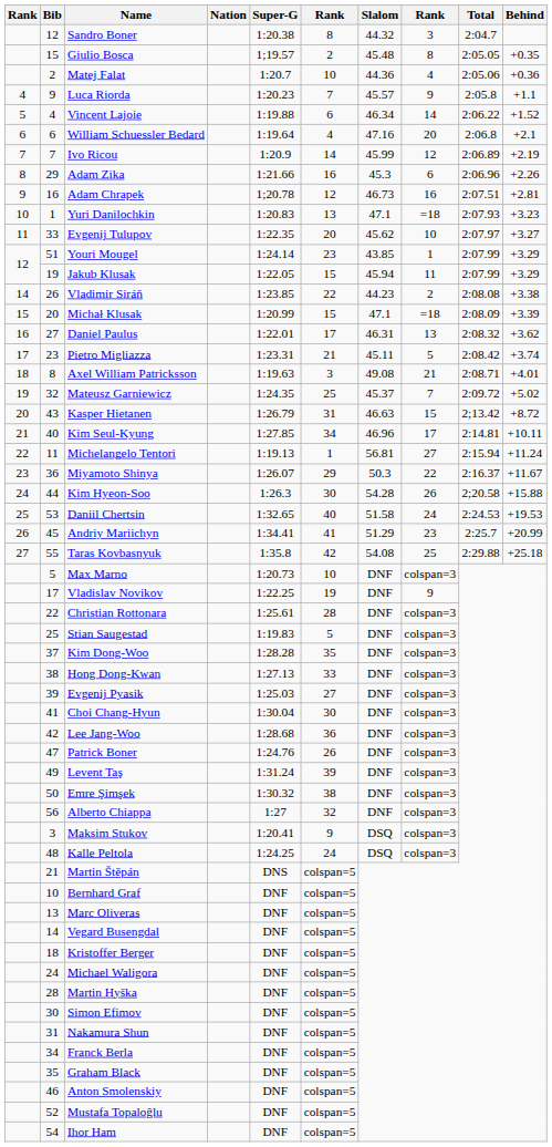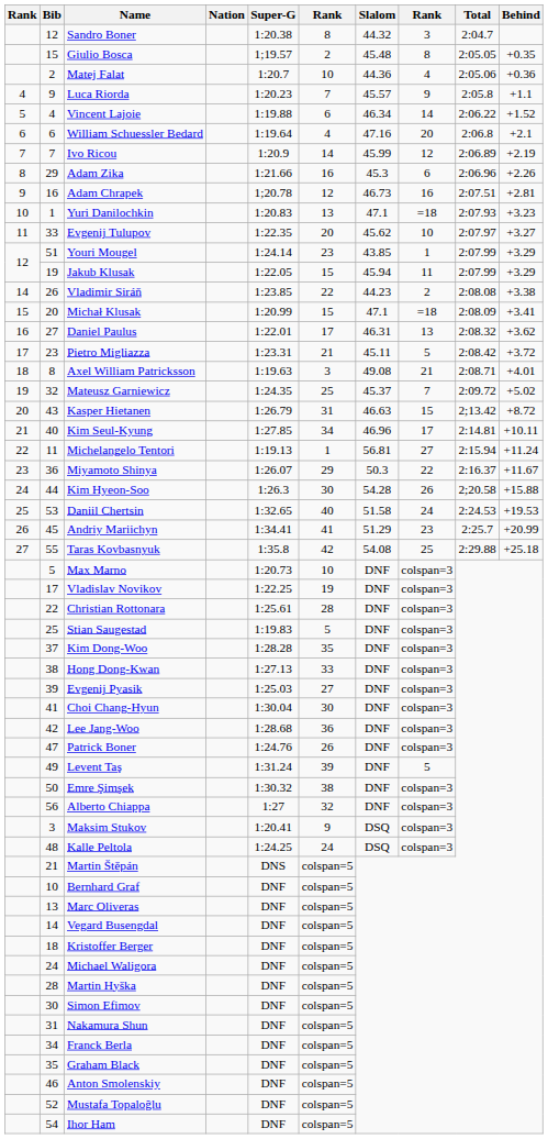 <table class="wikitable sortable" style="text-align:center">
 <tr>
 <th>Rank</th>
 <th>Bib</th>
 <th>Name</th>
 <th>Nation</th>
 <th>Super-G</th>
 <th>Rank</th>
 <th>Slalom</th>
 <th>Rank</th>
 <th>Total</th>
 <th>Behind</th>
 </tr>
 <tr>
 <td></td>
 <td>12</td>
 <td align=left><a href='#'>Sandro Boner</a></td>
 <td align=left></td>
 <td>1:20.38</td>
 <td>8</td>
 <td>44.32</td>
 <td>3</td>
 <td>2:04.7</td>
 <td></td>
 </tr>
 <tr>
 <td></td>
 <td>15</td>
 <td align=left><a href='#'>Giulio Bosca</a></td>
 <td align=left></td>
 <td>1;19.57</td>
 <td>2</td>
 <td>45.48</td>
 <td>8</td>
 <td>2:05.05</td>
 <td>+0.35</td>
 </tr>
 <tr>
 <td></td>
 <td>2</td>
 <td align=left><a href='#'>Matej Falat</a></td>
 <td align=left></td>
 <td>1:20.7</td>
 <td>10</td>
 <td>44.36</td>
 <td>4</td>
 <td>2:05.06</td>
 <td>+0.36</td>
 </tr>
 <tr>
 <td>4</td>
 <td>9</td>
 <td align=left><a href='#'>Luca Riorda</a></td>
 <td align=left></td>
 <td>1:20.23</td>
 <td>7</td>
 <td>45.57</td>
 <td>9</td>
 <td>2:05.8</td>
 <td>+1.1</td>
 </tr>
 <tr>
 <td>5</td>
 <td>4</td>
 <td align=left><a href='#'>Vincent Lajoie</a></td>
 <td align=left></td>
 <td>1:19.88</td>
 <td>6</td>
 <td>46.34</td>
 <td>14</td>
 <td>2:06.22</td>
 <td>+1.52</td>
 </tr>
 <tr>
 <td>6</td>
 <td>6</td>
 <td align=left><a href='#'>William Schuessler Bedard</a></td>
 <td align=left></td>
 <td>1:19.64</td>
 <td>4</td>
 <td>47.16</td>
 <td>20</td>
 <td>2:06.8</td>
 <td>+2.1</td>
 </tr>
 <tr>
 <td>7</td>
 <td>7</td>
 <td align=left><a href='#'>Ivo Ricou</a></td>
 <td align=left></td>
 <td>1:20.9</td>
 <td>14</td>
 <td>45.99</td>
 <td>12</td>
 <td>2:06.89</td>
 <td>+2.19</td>
 </tr>
 <tr>
 <td>8</td>
 <td>29</td>
 <td align=left><a href='#'>Adam Zika</a></td>
 <td align=left></td>
 <td>1:21.66</td>
 <td>16</td>
 <td>45.3</td>
 <td>6</td>
 <td>2:06.96</td>
 <td>+2.26</td>
 </tr>
 <tr>
 <td>9</td>
 <td>16</td>
 <td align=left><a href='#'>Adam Chrapek</a></td>
 <td align=left></td>
 <td>1;20.78</td>
 <td>12</td>
 <td>46.73</td>
 <td>16</td>
 <td>2:07.51</td>
 <td>+2.81</td>
 </tr>
 <tr>
 <td>10</td>
 <td>1</td>
 <td align=left><a href='#'>Yuri Danilochkin</a></td>
 <td align=left></td>
 <td>1:20.83</td>
 <td>13</td>
 <td>47.1</td>
 <td>=18</td>
 <td>2:07.93</td>
 <td>+3.23</td>
 </tr>
 <tr>
 <td>11</td>
 <td>33</td>
 <td align=left><a href='#'>Evgenij Tulupov</a></td>
 <td align=left></td>
 <td>1:22.35</td>
 <td>20</td>
 <td>45.62</td>
 <td>10</td>
 <td>2:07.97</td>
 <td>+3.27</td>
 </tr>
 <tr>
 <td rowspan=2>12</td>
 <td>51</td>
 <td align=left><a href='#'>Youri Mougel</a></td>
 <td align=left></td>
 <td>1:24.14</td>
 <td>23</td>
 <td>43.85</td>
 <td>1</td>
 <td>2:07.99</td>
 <td>+3.29</td>
 </tr>
 <tr>
 <td>19</td>
 <td align=left><a href='#'>Jakub Klusak</a></td>
 <td align=left></td>
 <td>1:22.05</td>
 <td>15</td>
 <td>45.94</td>
 <td>11</td>
 <td>2:07.99</td>
 <td>+3.29</td>
 </tr>
 <tr>
 <td>14</td>
 <td>26</td>
 <td align=left><a href='#'>Vladimir Siráň</a></td>
 <td align=left></td>
 <td>1:23.85</td>
 <td>22</td>
 <td>44.23</td>
 <td>2</td>
 <td>2:08.08</td>
 <td>+3.38</td>
 </tr>
 <tr>
 <td>15</td>
 <td>20</td>
 <td align=left><a href='#'>Michał Klusak</a></td>
 <td align=left></td>
 <td>1:20.99</td>
 <td>15</td>
 <td>47.1</td>
 <td>=18</td>
 <td>2:08.09</td>
-<td>+3.39</td>
+<td>+3.41</td>
 </tr>
 <tr>
 <td>16</td>
 <td>27</td>
 <td align=left><a href='#'>Daniel Paulus</a></td>
 <td align=left></td>
 <td>1:22.01</td>
 <td>17</td>
 <td>46.31</td>
 <td>13</td>
 <td>2:08.32</td>
 <td>+3.62</td>
 </tr>
 <tr>
 <td>17</td>
 <td>23</td>
 <td align=left><a href='#'>Pietro Migliazza</a></td>
 <td align=left></td>
 <td>1:23.31</td>
 <td>21</td>
 <td>45.11</td>
 <td>5</td>
 <td>2:08.42</td>
-<td>+3.74</td>
+<td>+3.72</td>
 </tr>
 <tr>
 <td>18</td>
 <td>8</td>
 <td align=left><a href='#'>Axel William Patricksson</a></td>
 <td align=left></td>
 <td>1:19.63</td>
 <td>3</td>
 <td>49.08</td>
 <td>21</td>
 <td>2:08.71</td>
 <td>+4.01</td>
 </tr>
 <tr>
 <td>19</td>
 <td>32</td>
 <td align=left><a href='#'>Mateusz Garniewicz</a></td>
 <td align=left></td>
 <td>1:24.35</td>
 <td>25</td>
 <td>45.37</td>
 <td>7</td>
 <td>2:09.72</td>
 <td>+5.02</td>
 </tr>
 <tr>
 <td>20</td>
 <td>43</td>
 <td align=left><a href='#'>Kasper Hietanen</a></td>
 <td align=left></td>
 <td>1:26.79</td>
 <td>31</td>
 <td>46.63</td>
 <td>15</td>
 <td>2;13.42</td>
 <td>+8.72</td>
 </tr>
 <tr>
 <td>21</td>
 <td>40</td>
 <td align=left><a href='#'>Kim Seul-Kyung</a></td>
 <td align=left></td>
 <td>1:27.85</td>
 <td>34</td>
 <td>46.96</td>
 <td>17</td>
 <td>2:14.81</td>
 <td>+10.11</td>
 </tr>
 <tr>
 <td>22</td>
 <td>11</td>
 <td align=left><a href='#'>Michelangelo Tentori</a></td>
 <td align=left></td>
 <td>1:19.13</td>
 <td>1</td>
 <td>56.81</td>
 <td>27</td>
 <td>2:15.94</td>
 <td>+11.24</td>
 </tr>
 <tr>
 <td>23</td>
 <td>36</td>
 <td align=left><a href='#'>Miyamoto Shinya</a></td>
 <td align=left></td>
 <td>1:26.07</td>
 <td>29</td>
 <td>50.3</td>
 <td>22</td>
 <td>2:16.37</td>
 <td>+11.67</td>
 </tr>
 <tr>
 <td>24</td>
 <td>44</td>
 <td align=left><a href='#'>Kim Hyeon-Soo</a></td>
 <td align=left></td>
 <td>1:26.3</td>
 <td>30</td>
 <td>54.28</td>
 <td>26</td>
 <td>2;20.58</td>
 <td>+15.88</td>
 </tr>
 <tr>
 <td>25</td>
 <td>53</td>
 <td align=left><a href='#'>Daniil Chertsin</a></td>
 <td align=left></td>
 <td>1:32.65</td>
 <td>40</td>
 <td>51.58</td>
 <td>24</td>
 <td>2:24.53</td>
 <td>+19.53</td>
 </tr>
 <tr>
 <td>26</td>
 <td>45</td>
 <td align=left><a href='#'>Andriy Mariichyn</a></td>
 <td align=left></td>
 <td>1:34.41</td>
 <td>41</td>
 <td>51.29</td>
 <td>23</td>
 <td>2:25.7</td>
 <td>+20.99</td>
 </tr>
 <tr>
 <td>27</td>
 <td>55</td>
 <td align=left><a href='#'>Taras Kovbasnyuk</a></td>
 <td align=left></td>
 <td>1:35.8</td>
 <td>42</td>
 <td>54.08</td>
 <td>25</td>
 <td>2:29.88</td>
 <td>+25.18</td>
 </tr>
 <tr>
 <td></td>
 <td>5</td>
 <td align=left><a href='#'>Max Marno</a></td>
 <td align=left></td>
 <td>1:20.73</td>
 <td>10</td>
 <td>DNF</td>
 <td>colspan=3 </td>
 </tr>
 <tr>
 <td></td>
 <td>17</td>
 <td align=left><a href='#'>Vladislav Novikov</a></td>
 <td align=left></td>
 <td>1:22.25</td>
 <td>19</td>
 <td>DNF</td>
-<td>9</td>
+<td>colspan=3 </td>
 </tr>
 <tr>
 <td></td>
 <td>22</td>
 <td align=left><a href='#'>Christian Rottonara</a></td>
 <td align=left></td>
 <td>1:25.61</td>
 <td>28</td>
 <td>DNF</td>
 <td>colspan=3 </td>
 </tr>
 <tr>
 <td></td>
 <td>25</td>
 <td align=left><a href='#'>Stian Saugestad</a></td>
 <td align=left></td>
 <td>1:19.83</td>
 <td>5</td>
 <td>DNF</td>
 <td>colspan=3 </td>
 </tr>
 <tr>
 <td></td>
 <td>37</td>
 <td align=left><a href='#'>Kim Dong-Woo</a></td>
 <td align=left></td>
 <td>1:28.28</td>
 <td>35</td>
 <td>DNF</td>
 <td>colspan=3 </td>
 </tr>
 <tr>
 <td></td>
 <td>38</td>
 <td align=left><a href='#'>Hong Dong-Kwan</a></td>
 <td align=left></td>
 <td>1:27.13</td>
 <td>33</td>
 <td>DNF</td>
 <td>colspan=3 </td>
 </tr>
 <tr>
 <td></td>
 <td>39</td>
 <td align=left><a href='#'>Evgenij Pyasik</a></td>
 <td align=left></td>
 <td>1:25.03</td>
 <td>27</td>
 <td>DNF</td>
 <td>colspan=3 </td>
 </tr>
 <tr>
 <td></td>
 <td>41</td>
 <td align=left><a href='#'>Choi Chang-Hyun</a></td>
 <td align=left></td>
 <td>1:30.04</td>
 <td>30</td>
 <td>DNF</td>
 <td>colspan=3 </td>
 </tr>
 <tr>
 <td></td>
 <td>42</td>
 <td align=left><a href='#'>Lee Jang-Woo</a></td>
 <td align=left></td>
 <td>1:28.68</td>
 <td>36</td>
 <td>DNF</td>
 <td>colspan=3 </td>
 </tr>
 <tr>
 <td></td>
 <td>47</td>
 <td align=left><a href='#'>Patrick Boner</a></td>
 <td align=left></td>
 <td>1:24.76</td>
 <td>26</td>
 <td>DNF</td>
 <td>colspan=3 </td>
 </tr>
 <tr>
 <td></td>
 <td>49</td>
 <td align=left><a href='#'>Levent Taş</a></td>
 <td align=left></td>
 <td>1:31.24</td>
 <td>39</td>
 <td>DNF</td>
-<td>colspan=3 </td>
+<td>5</td>
 </tr>
 <tr>
 <td></td>
 <td>50</td>
 <td align=left><a href='#'>Emre Şimşek</a></td>
 <td align=left></td>
 <td>1:30.32</td>
 <td>38</td>
 <td>DNF</td>
 <td>colspan=3 </td>
 </tr>
 <tr>
 <td></td>
 <td>56</td>
 <td align=left><a href='#'>Alberto Chiappa</a></td>
 <td align=left></td>
 <td>1:27</td>
 <td>32</td>
 <td>DNF</td>
 <td>colspan=3 </td>
 </tr>
 <tr>
 <td></td>
 <td>3</td>
 <td align=left><a href='#'>Maksim Stukov</a></td>
 <td align=left></td>
 <td>1:20.41</td>
 <td>9</td>
 <td>DSQ</td>
 <td>colspan=3 </td>
 </tr>
 <tr>
 <td></td>
 <td>48</td>
 <td align=left><a href='#'>Kalle Peltola</a></td>
 <td align=left></td>
 <td>1:24.25</td>
 <td>24</td>
 <td>DSQ</td>
 <td>colspan=3 </td>
 </tr>
 <tr>
 <td></td>
 <td>21</td>
 <td align=left><a href='#'>Martin Štěpán</a></td>
 <td align=left></td>
 <td>DNS</td>
 <td>colspan=5 </td>
 </tr>
 <tr>
 <td></td>
 <td>10</td>
 <td align=left><a href='#'>Bernhard Graf</a></td>
 <td align=left></td>
 <td>DNF</td>
 <td>colspan=5 </td>
 </tr>
 <tr>
 <td></td>
 <td>13</td>
 <td align=left><a href='#'>Marc Oliveras</a></td>
 <td align=left></td>
 <td>DNF</td>
 <td>colspan=5 </td>
 </tr>
 <tr>
 <td></td>
 <td>14</td>
 <td align=left><a href='#'>Vegard Busengdal</a></td>
 <td align=left></td>
 <td>DNF</td>
 <td>colspan=5 </td>
 </tr>
 <tr>
 <td></td>
 <td>18</td>
 <td align=left><a href='#'>Kristoffer Berger</a></td>
 <td align=left></td>
 <td>DNF</td>
 <td>colspan=5 </td>
 </tr>
 <tr>
 <td></td>
 <td>24</td>
 <td align=left><a href='#'>Michael Waligora</a></td>
 <td align=left></td>
 <td>DNF</td>
 <td>colspan=5 </td>
 </tr>
 <tr>
 <td></td>
 <td>28</td>
 <td align=left><a href='#'>Martin Hyška</a></td>
 <td align=left></td>
 <td>DNF</td>
 <td>colspan=5 </td>
 </tr>
 <tr>
 <td></td>
 <td>30</td>
 <td align=left><a href='#'>Simon Efimov</a></td>
 <td align=left></td>
 <td>DNF</td>
 <td>colspan=5 </td>
 </tr>
 <tr>
 <td></td>
 <td>31</td>
 <td align=left><a href='#'>Nakamura Shun</a></td>
 <td align=left></td>
 <td>DNF</td>
 <td>colspan=5 </td>
 </tr>
 <tr>
 <td></td>
 <td>34</td>
 <td align=left><a href='#'>Franck Berla</a></td>
 <td align=left></td>
 <td>DNF</td>
 <td>colspan=5 </td>
 </tr>
 <tr>
 <td></td>
 <td>35</td>
 <td align=left><a href='#'>Graham Black</a></td>
 <td align=left></td>
 <td>DNF</td>
 <td>colspan=5 </td>
 </tr>
 <tr>
 <td></td>
 <td>46</td>
 <td align=left><a href='#'>Anton Smolenskiy</a></td>
 <td align=left></td>
 <td>DNF</td>
 <td>colspan=5 </td>
 </tr>
 <tr>
 <td></td>
 <td>52</td>
 <td align=left><a href='#'>Mustafa Topaloğlu</a></td>
 <td align=left></td>
 <td>DNF</td>
 <td>colspan=5 </td>
 </tr>
 <tr>
 <td></td>
 <td>54</td>
 <td align=left><a href='#'>Ihor Ham</a></td>
 <td align=left></td>
 <td>DNF</td>
 <td>colspan=5 </td>
 </tr>
 </table>
